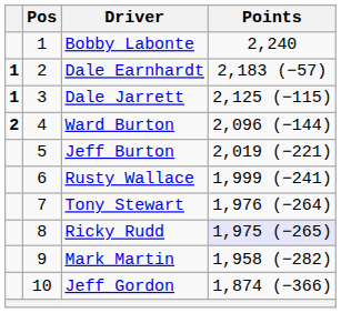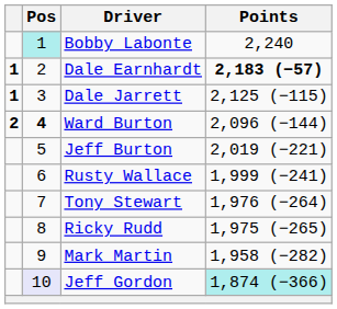 <table class="wikitable" style="font-size: 95%;">
 <tr>
 <th></th>
 <th>Pos</th>
 <th>Driver</th>
 <th>Points</th>
 </tr>
 <tr>
 <td align="left"></td>
-<td style="text-align:center;">1</td>
+<td style="background: paleturquoise; text-align:center;">1</td>
 <td><a href='#'>Bobby Labonte</a></td>
 <td style="text-align:center;">2,240</td>
 </tr>
 <tr>
 <td align="left">  <strong>1</strong></td>
 <td style="text-align:center;">2</td>
 <td><a href='#'>Dale Earnhardt</a></td>
-<td style="text-align:center;">2,183 (−57)</td>
+<td style="text-align:center;"><strong>2,183 (−57)</strong></td>
 </tr>
 <tr>
 <td align="left">  <strong>1</strong></td>
 <td style="text-align:center;">3</td>
 <td><a href='#'>Dale Jarrett</a></td>
 <td style="text-align:center;">2,125 (−115)</td>
 </tr>
 <tr>
 <td align="left">  <strong>2</strong></td>
-<td style="text-align:center;">4</td>
+<td style="text-align:center;"><strong>4</strong></td>
 <td><a href='#'>Ward Burton</a></td>
 <td style="text-align:center;">2,096 (−144)</td>
 </tr>
 <tr>
 <td align="left"></td>
 <td style="text-align:center;">5</td>
 <td><a href='#'>Jeff Burton</a></td>
 <td style="text-align:center;">2,019 (−221)</td>
 </tr>
 <tr>
 <td align="left"></td>
 <td style="text-align:center;">6</td>
 <td><a href='#'>Rusty Wallace</a></td>
 <td style="text-align:center;">1,999 (−241)</td>
 </tr>
 <tr>
 <td align="left"></td>
 <td style="text-align:center;">7</td>
 <td><a href='#'>Tony Stewart</a></td>
 <td style="text-align:center;">1,976 (−264)</td>
 </tr>
 <tr>
 <td align="left"></td>
 <td style="text-align:center;">8</td>
 <td><a href='#'>Ricky Rudd</a></td>
-<td style="background: lavender; text-align:center;">1,975 (−265)</td>
+<td style="text-align:center;">1,975 (−265)</td>
 </tr>
 <tr>
 <td align="left"></td>
 <td style="text-align:center;">9</td>
 <td><a href='#'>Mark Martin</a></td>
 <td style="text-align:center;">1,958 (−282)</td>
 </tr>
 <tr>
 <td align="left"></td>
-<td style="text-align:center;">10</td>
+<td style="background: lavender; text-align:center;">10</td>
 <td><a href='#'>Jeff Gordon</a></td>
-<td style="text-align:center;">1,874 (−366)</td>
+<td style="background: paleturquoise; text-align:center;">1,874 (−366)</td>
 </tr>
 <tr class="sortbottom">
 <th colspan="9"></th>
 </tr>
 </table>
